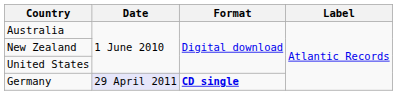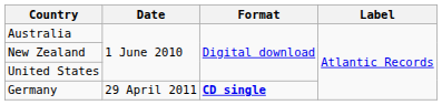 <table class="wikitable">
 <tr>
 <th>Country</th>
 <th>Date</th>
 <th>Format</th>
 <th>Label</th>
 </tr>
 <tr>
 <td>Australia</td>
 <td rowspan="3">1 June 2010</td>
 <td rowspan="3"><a href='#'>Digital download</a></td>
 <td rowspan="4"><a href='#'>Atlantic Records</a></td>
 </tr>
 <tr>
 <td>New Zealand</td>
 </tr>
 <tr>
 <td>United States</td>
 </tr>
 <tr>
 <td>Germany</td>
-<td style="background: lavender;">29 April 2011</td>
+<td>29 April 2011</td>
 <td><strong><a href='#'>CD single</a></strong></td>
 </tr>
 </table>
